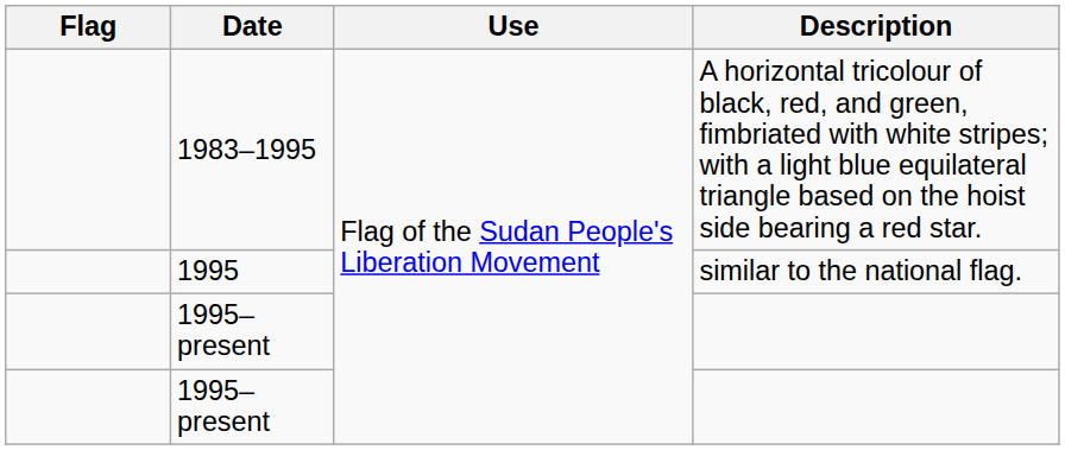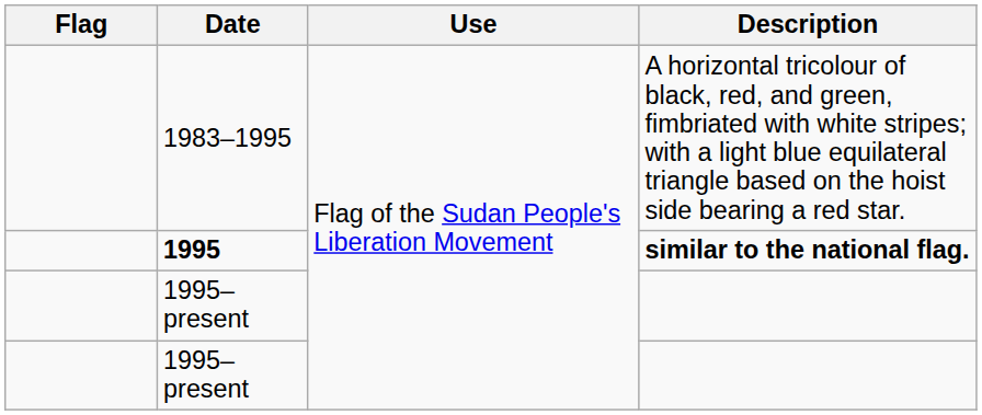 <table class="wikitable">
 <tr>
 <th style="width:110px;">Flag</th>
 <th style="width:100px;">Date</th>
 <th style="width:250px;">Use</th>
 <th style="width:250px;">Description</th>
 </tr>
 <tr>
 <td></td>
 <td>1983–1995</td>
 <td rowspan="4">Flag of the <a href='#'>Sudan People's Liberation Movement</a></td>
 <td>A horizontal tricolour of black, red, and green, fimbriated with white stripes; with a light blue equilateral triangle based on the hoist side bearing a red star.</td>
 </tr>
 <tr>
 <td></td>
-<td>1995</td>
-<td>similar to the national flag.</td>
+<td><strong>1995</strong></td>
+<td><strong>similar to the national flag.</strong></td>
 </tr>
 <tr>
 <td></td>
 <td>1995–present</td>
 <td></td>
 </tr>
 <tr>
 <td></td>
 <td>1995–present</td>
 <td></td>
 </tr>
 </table>
